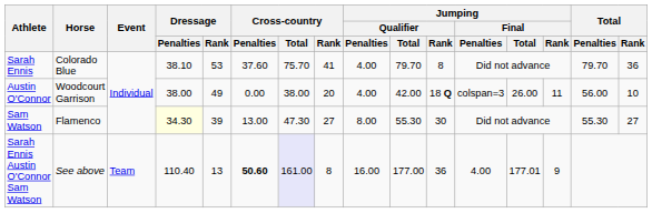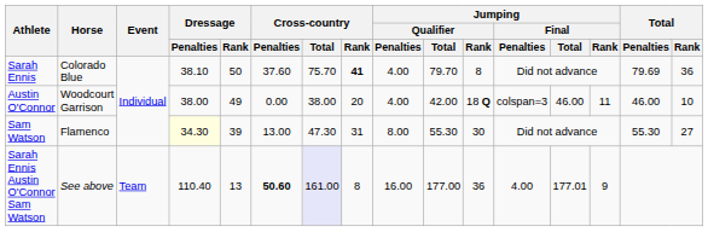 <table class=wikitable style="font-size:90%">
 <tr>
 <th rowspan="3">Athlete</th>
 <th rowspan="3">Horse</th>
 <th rowspan="3">Event</th>
 <th colspan="2" rowspan="2">Dressage</th>
 <th colspan="3" rowspan="2">Cross-country</th>
 <th colspan="6">Jumping</th>
 <th colspan="2" rowspan="2">Total</th>
 </tr>
 <tr style="font-size:95%">
 <th colspan="3">Qualifier</th>
 <th colspan="3">Final</th>
 </tr>
 <tr style="font-size:95%">
 <th>Penalties</th>
 <th>Rank</th>
 <th>Penalties</th>
 <th>Total</th>
 <th>Rank</th>
 <th>Penalties</th>
 <th>Total</th>
 <th>Rank</th>
 <th>Penalties</th>
 <th>Total</th>
 <th>Rank</th>
 <th>Penalties</th>
 <th>Rank</th>
 </tr>
 <tr align=center>
 <td align=left><a href='#'>Sarah Ennis</a></td>
 <td align=left>Colorado Blue</td>
 <td rowspan=3 align=left><a href='#'>Individual</a></td>
 <td>38.10</td>
-<td>53</td>
+<td>50</td>
 <td>37.60</td>
 <td>75.70</td>
-<td>41</td>
+<td><strong>41</strong></td>
 <td>4.00</td>
 <td>79.70</td>
 <td>8</td>
 <td colspan=3>Did not advance</td>
-<td>79.70</td>
+<td>79.69</td>
 <td>36</td>
 </tr>
 <tr align=center>
 <td align=left><a href='#'>Austin O'Connor</a></td>
 <td align=left>Woodcourt Garrison</td>
 <td>38.00</td>
 <td>49</td>
 <td>0.00</td>
 <td>38.00</td>
 <td>20</td>
 <td>4.00</td>
 <td>42.00</td>
 <td>18 <strong>Q</strong></td>
 <td>colspan=3 </td>
-<td>26.00</td>
+<td>46.00</td>
 <td>11</td>
-<td>56.00</td>
+<td>46.00</td>
 <td>10</td>
 </tr>
 <tr align=center>
 <td align=left><a href='#'>Sam Watson</a></td>
 <td align=left>Flamenco</td>
 <td style="background: lightyellow;">34.30</td>
 <td>39</td>
 <td>13.00</td>
 <td>47.30</td>
-<td>27</td>
+<td>31</td>
 <td>8.00</td>
 <td>55.30</td>
 <td>30</td>
 <td colspan=3>Did not advance</td>
 <td>55.30</td>
 <td>27</td>
 </tr>
 <tr align=center>
 <td align=left><a href='#'>Sarah Ennis</a><br><a href='#'>Austin O'Connor</a><br><a href='#'>Sam Watson</a></td>
 <td align=left><em>See above</em></td>
 <td align=left><a href='#'>Team</a></td>
 <td>110.40</td>
 <td>13</td>
 <td><strong>50.60</strong></td>
 <td style="background: lavender;">161.00</td>
 <td>8</td>
 <td>16.00</td>
 <td>177.00</td>
 <td>36</td>
 <td>4.00</td>
 <td>177.01</td>
 <td>9</td>
 </tr>
 </table>
